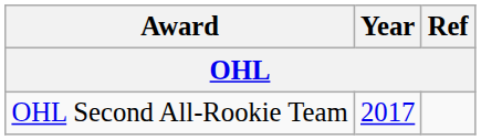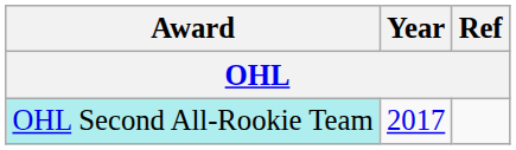 <table class="wikitable">
 <tr>
 <th>Award</th>
 <th>Year</th>
 <th>Ref</th>
 </tr>
 <tr>
 <th colspan="3"><a href='#'>OHL</a></th>
 </tr>
 <tr>
-<td><a href='#'>OHL</a> Second All-Rookie Team</td>
+<td style="background: paleturquoise;"><a href='#'>OHL</a> Second All-Rookie Team</td>
 <td><a href='#'>2017</a></td>
 <td></td>
 </tr>
 </table>
